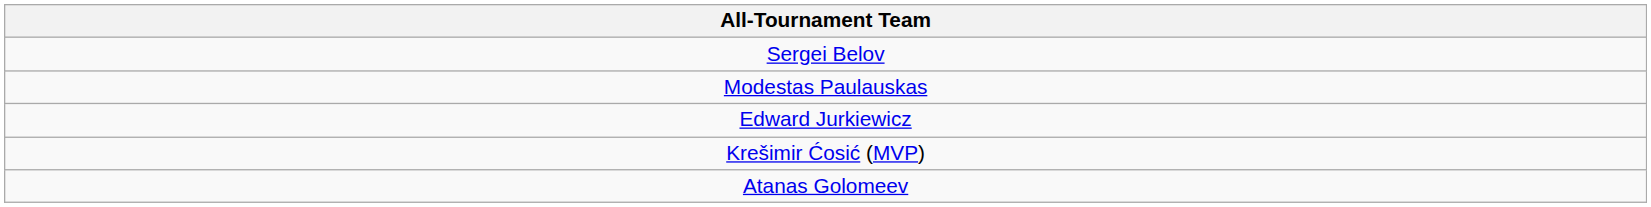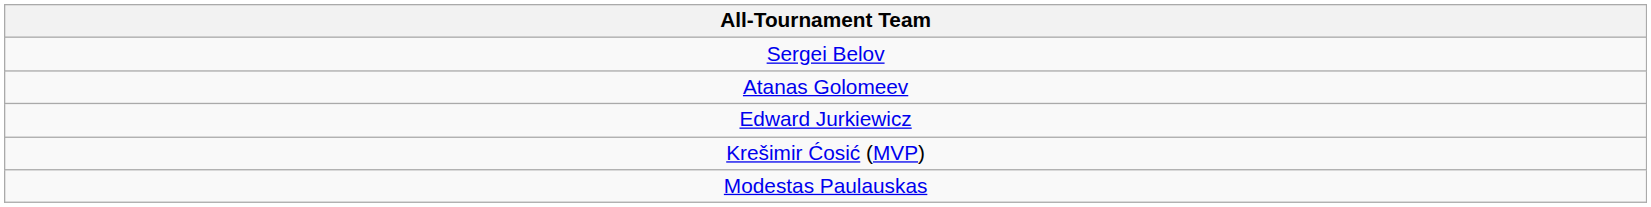 <table class="wikitable sortable" style="text-align:center; width: 100%">
 <tr>
 <th>All-Tournament Team</th>
 </tr>
 <tr>
 <td> <a href='#'>Sergei Belov</a></td>
 </tr>
 <tr>
-<td> <a href='#'>Modestas Paulauskas</a></td>
+<td> <a href='#'>Atanas Golomeev</a></td>
 </tr>
 <tr>
 <td> <a href='#'>Edward Jurkiewicz</a></td>
 </tr>
 <tr>
 <td> <a href='#'>Krešimir Ćosić</a> (<a href='#'>MVP</a>)</td>
 </tr>
 <tr>
-<td> <a href='#'>Atanas Golomeev</a></td>
+<td> <a href='#'>Modestas Paulauskas</a></td>
 </tr>
 </table>
